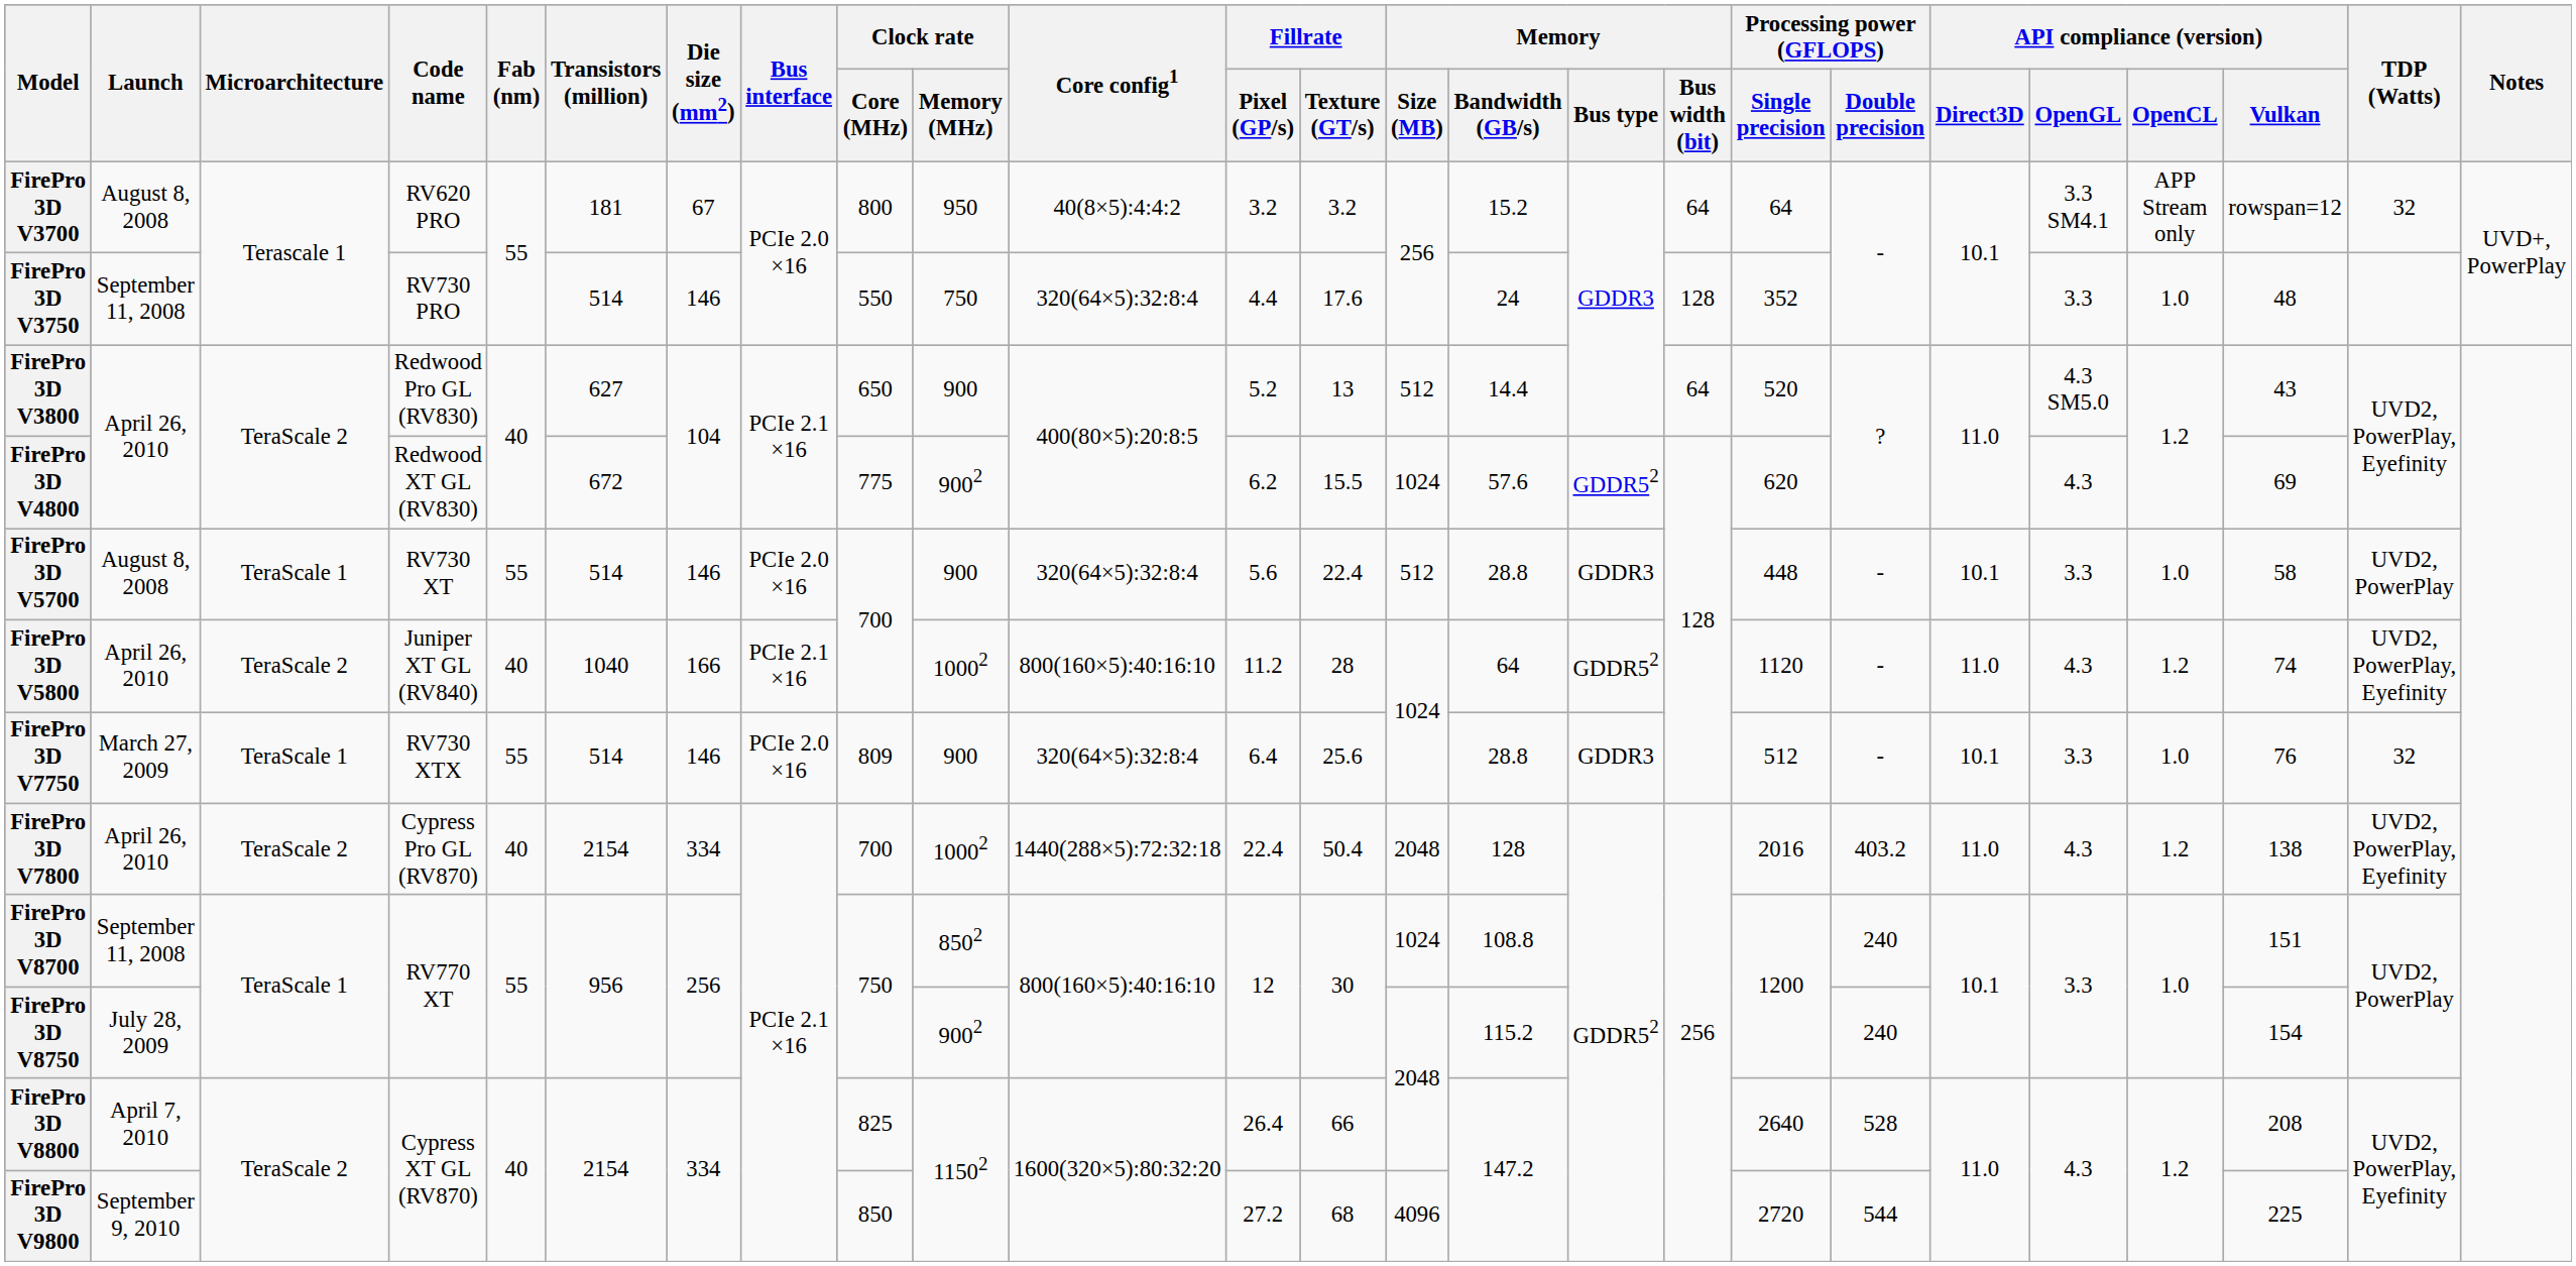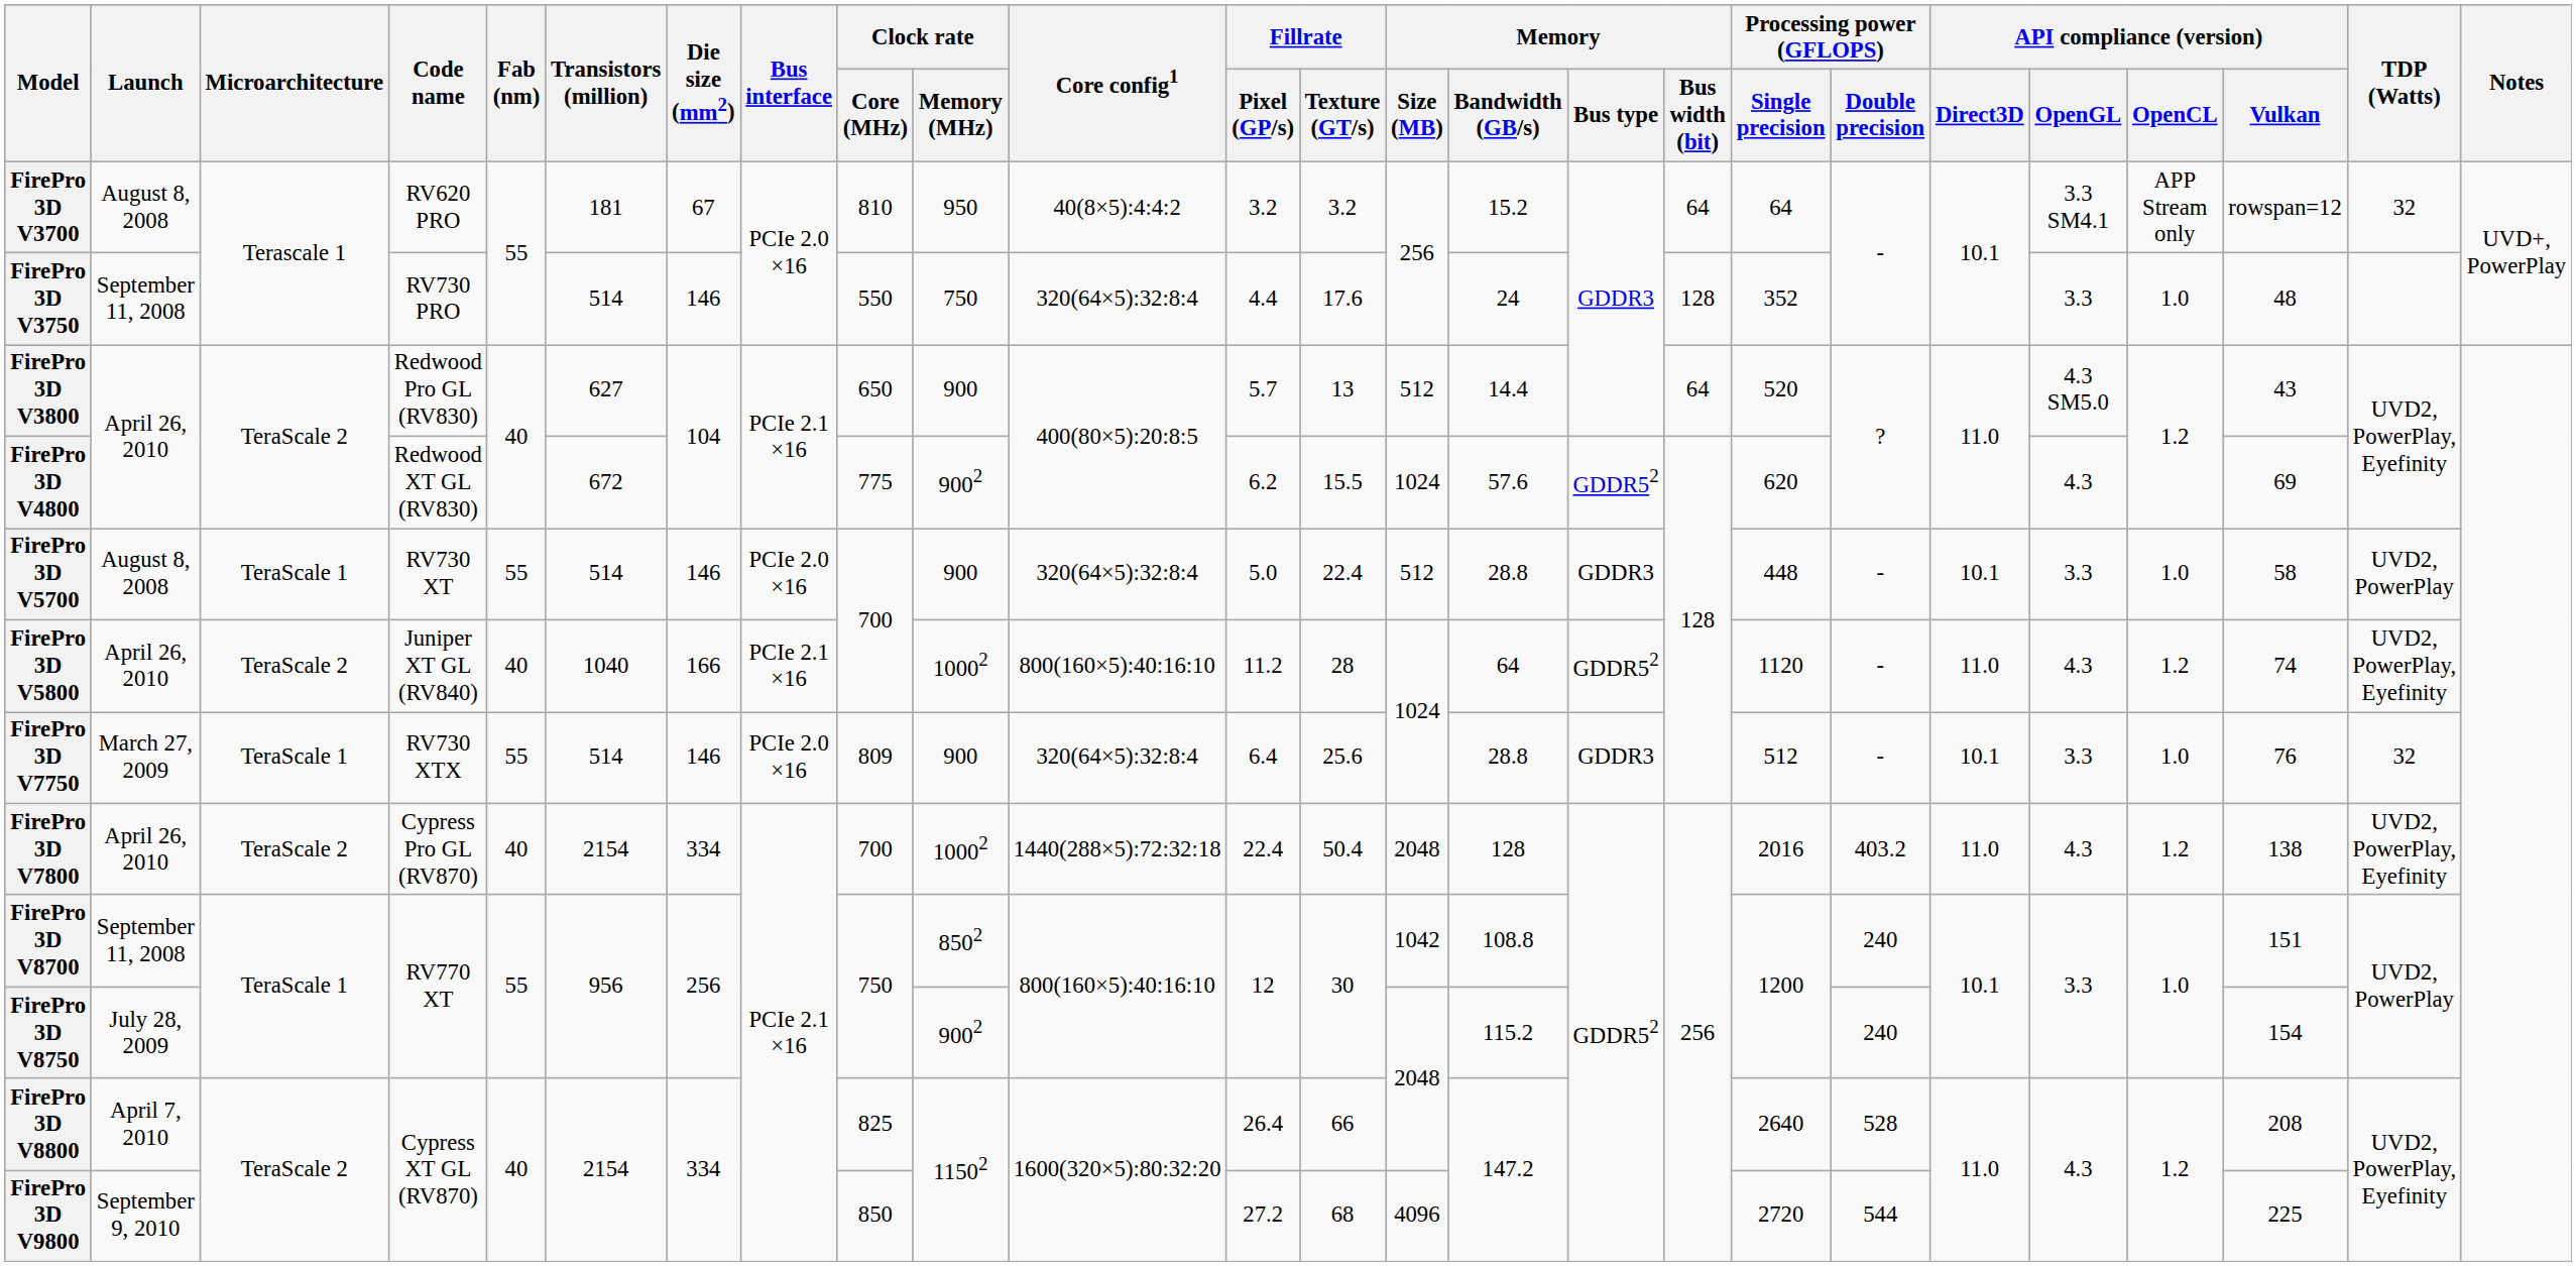 <table class="mw-datatable wikitable sortable sort-under" style="font-size:85%; text-align:center;">
 <tr>
 <th rowspan="2" style="width:12em">Model</th>
 <th rowspan="2">Launch</th>
 <th rowspan="2">Microarchitecture</th>
 <th rowspan="2">Code name</th>
 <th rowspan="2">Fab (nm)</th>
 <th rowspan="2">Transistors (million)</th>
 <th rowspan="2">Die size (<a href='#'>mm<sup>2</sup></a>)</th>
 <th rowspan="2"><a href='#'>Bus interface</a></th>
 <th colspan="2">Clock rate</th>
 <th rowspan="2">Core config<sup>1</sup></th>
 <th colspan="2"><a href='#'>Fillrate</a></th>
 <th colspan="4">Memory</th>
 <th colspan="2">Processing power<br>(<a href='#'>GFLOPS</a>)</th>
 <th colspan="4"><a href='#'>API</a> compliance (version)</th>
 <th rowspan="2">TDP (Watts)</th>
 <th rowspan="2">Notes</th>
 </tr>
 <tr>
 <th>Core (MHz)</th>
 <th>Memory (MHz)</th>
 <th>Pixel (<a href='#'>GP</a>/s)</th>
 <th>Texture (<a href='#'>GT</a>/s)</th>
 <th>Size (<a href='#'>MB</a>)</th>
 <th>Bandwidth (<a href='#'>GB</a>/s)</th>
 <th>Bus type</th>
 <th>Bus width (<a href='#'>bit</a>)</th>
 <th><a href='#'>Single precision</a></th>
 <th><a href='#'>Double precision</a></th>
 <th><a href='#'>Direct3D</a></th>
 <th><a href='#'>OpenGL</a></th>
 <th><a href='#'>OpenCL</a></th>
 <th><a href='#'>Vulkan</a></th>
 </tr>
 <tr>
 <th>FirePro 3D V3700</th>
 <td>August 8, 2008</td>
 <td rowspan="2">Terascale 1</td>
 <td>RV620 PRO</td>
 <td rowspan="2">55</td>
 <td>181</td>
 <td>67</td>
 <td rowspan="2">PCIe 2.0 ×16</td>
-<td>800</td>
+<td>810</td>
 <td>950</td>
 <td>40(8×5):4:4:2</td>
 <td>3.2</td>
 <td>3.2</td>
 <td rowspan="2">256</td>
 <td>15.2</td>
 <td rowspan="3"><a href='#'>GDDR3</a></td>
 <td>64</td>
 <td>64</td>
 <td rowspan="2">-</td>
 <td rowspan="2">10.1</td>
 <td>3.3 SM4.1</td>
 <td>APP Stream only</td>
 <td>rowspan=12 </td>
 <td>32</td>
 <td rowspan="2">UVD+, PowerPlay</td>
 </tr>
 <tr>
 <th>FirePro 3D V3750</th>
 <td>September 11, 2008</td>
 <td>RV730 PRO</td>
 <td>514</td>
 <td>146</td>
 <td>550</td>
 <td>750</td>
 <td>320(64×5):32:8:4</td>
 <td>4.4</td>
 <td>17.6</td>
 <td>24</td>
 <td>128</td>
 <td>352</td>
 <td>3.3</td>
 <td>1.0</td>
 <td>48</td>
 </tr>
 <tr>
 <th>FirePro 3D V3800</th>
 <td rowspan="2">April 26, 2010</td>
 <td rowspan="2">TeraScale 2</td>
 <td>Redwood Pro GL (RV830)</td>
 <td rowspan="2">40</td>
 <td>627</td>
 <td rowspan="2">104</td>
 <td rowspan="2">PCIe 2.1 ×16</td>
 <td>650</td>
 <td>900</td>
 <td rowspan="2">400(80×5):20:8:5</td>
-<td>5.2</td>
+<td>5.7</td>
 <td>13</td>
 <td>512</td>
 <td>14.4</td>
 <td>64</td>
 <td>520</td>
 <td rowspan="2">?</td>
 <td rowspan="2">11.0</td>
 <td>4.3 SM5.0</td>
 <td rowspan="2">1.2</td>
 <td>43</td>
 <td rowspan="2">UVD2, PowerPlay, Eyefinity</td>
 </tr>
 <tr>
 <th>FirePro 3D V4800</th>
 <td>Redwood XT GL (RV830)</td>
 <td>672</td>
 <td>775</td>
 <td>900<sup>2</sup></td>
 <td>6.2</td>
 <td>15.5</td>
 <td>1024</td>
 <td>57.6</td>
 <td><a href='#'>GDDR5</a><sup>2</sup></td>
 <td rowspan="4">128</td>
 <td>620</td>
 <td>4.3</td>
 <td>69</td>
 </tr>
 <tr>
 <th>FirePro 3D V5700</th>
 <td>August 8, 2008</td>
 <td>TeraScale 1</td>
 <td>RV730 XT</td>
 <td>55</td>
 <td>514</td>
 <td>146</td>
 <td>PCIe 2.0 ×16</td>
 <td rowspan="2">700</td>
 <td>900</td>
 <td>320(64×5):32:8:4</td>
-<td>5.6</td>
+<td>5.0</td>
 <td>22.4</td>
 <td>512</td>
 <td>28.8</td>
 <td>GDDR3</td>
 <td>448</td>
 <td>-</td>
 <td>10.1</td>
 <td>3.3</td>
 <td>1.0</td>
 <td>58</td>
 <td>UVD2, PowerPlay</td>
 </tr>
 <tr>
 <th>FirePro 3D V5800</th>
 <td>April 26, 2010</td>
 <td>TeraScale 2</td>
 <td>Juniper XT GL (RV840)</td>
 <td>40</td>
 <td>1040</td>
 <td>166</td>
 <td>PCIe 2.1 ×16</td>
 <td>1000<sup>2</sup></td>
 <td>800(160×5):40:16:10</td>
 <td>11.2</td>
 <td>28</td>
 <td rowspan="2">1024</td>
 <td>64</td>
 <td>GDDR5<sup>2</sup></td>
 <td>1120</td>
 <td>-</td>
 <td>11.0</td>
 <td>4.3</td>
 <td>1.2</td>
 <td>74</td>
 <td>UVD2, PowerPlay, Eyefinity</td>
 </tr>
 <tr>
 <th>FirePro 3D V7750</th>
 <td>March 27, 2009</td>
 <td>TeraScale 1</td>
 <td>RV730 XTX</td>
 <td>55</td>
 <td>514</td>
 <td>146</td>
 <td>PCIe 2.0 ×16</td>
 <td>809</td>
 <td>900</td>
 <td>320(64×5):32:8:4</td>
 <td>6.4</td>
 <td>25.6</td>
 <td>28.8</td>
 <td>GDDR3</td>
 <td>512</td>
 <td>-</td>
 <td>10.1</td>
 <td>3.3</td>
 <td>1.0</td>
 <td>76</td>
 <td>32</td>
 </tr>
 <tr>
 <th>FirePro 3D V7800</th>
 <td>April 26, 2010</td>
 <td>TeraScale 2</td>
 <td>Cypress Pro GL (RV870)</td>
 <td>40</td>
 <td>2154</td>
 <td>334</td>
 <td rowspan="5">PCIe 2.1 ×16</td>
 <td>700</td>
 <td>1000<sup>2</sup></td>
 <td>1440(288×5):72:32:18</td>
 <td>22.4</td>
 <td>50.4</td>
 <td>2048</td>
 <td>128</td>
 <td rowspan="5">GDDR5<sup>2</sup></td>
 <td rowspan="5">256</td>
 <td>2016</td>
 <td>403.2</td>
 <td>11.0</td>
 <td>4.3</td>
 <td>1.2</td>
 <td>138</td>
 <td>UVD2, PowerPlay, Eyefinity</td>
 </tr>
 <tr>
 <th>FirePro 3D V8700</th>
 <td>September 11, 2008</td>
 <td rowspan="2">TeraScale 1</td>
 <td rowspan="2">RV770 XT</td>
 <td rowspan="2">55</td>
 <td rowspan="2">956</td>
 <td rowspan="2">256</td>
 <td rowspan="2">750</td>
 <td>850<sup>2</sup></td>
 <td rowspan="2">800(160×5):40:16:10</td>
 <td rowspan="2">12</td>
 <td rowspan="2">30</td>
-<td>1024</td>
+<td>1042</td>
 <td>108.8</td>
 <td rowspan="2">1200</td>
 <td>240</td>
 <td rowspan="2">10.1</td>
 <td rowspan="2">3.3</td>
 <td rowspan="2">1.0</td>
 <td>151</td>
 <td rowspan="2">UVD2, PowerPlay</td>
 </tr>
 <tr>
 <th>FirePro 3D V8750</th>
 <td>July 28, 2009</td>
 <td>900<sup>2</sup></td>
 <td rowspan="2">2048</td>
 <td>115.2</td>
 <td>240</td>
 <td>154</td>
 </tr>
 <tr>
 <th>FirePro 3D V8800</th>
 <td>April 7, 2010</td>
 <td rowspan="2">TeraScale 2</td>
 <td rowspan="2">Cypress XT GL (RV870)</td>
 <td rowspan="2">40</td>
 <td rowspan="2">2154</td>
 <td rowspan="2">334</td>
 <td>825</td>
 <td rowspan="2">1150<sup>2</sup></td>
 <td rowspan="2">1600(320×5):80:32:20</td>
 <td>26.4</td>
 <td>66</td>
 <td rowspan="2">147.2</td>
 <td>2640</td>
 <td>528</td>
 <td rowspan="2">11.0</td>
 <td rowspan="2">4.3</td>
 <td rowspan="2">1.2</td>
 <td>208</td>
 <td rowspan="2">UVD2, PowerPlay, Eyefinity</td>
 </tr>
 <tr>
 <th>FirePro 3D V9800</th>
 <td>September 9, 2010</td>
 <td>850</td>
 <td>27.2</td>
 <td>68</td>
 <td>4096</td>
 <td>2720</td>
 <td>544</td>
 <td>225</td>
 </tr>
 </table>
